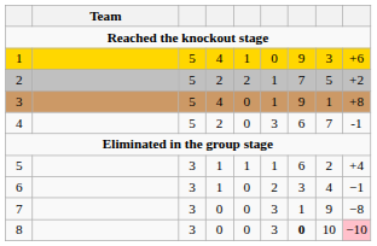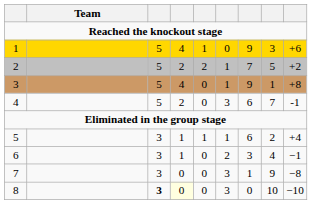 <table class="wikitable" style="text-align:center">
 <tr>
 <th width="25"></th>
 <th width="165">Team</th>
 <th width="25"></th>
 <th width="25"></th>
 <th width="25"></th>
 <th width="25"></th>
 <th width="25"></th>
 <th width="25"></th>
 <th width="25"></th>
 </tr>
 <tr>
 <td colspan=10><strong>Reached the knockout stage</strong></td>
 </tr>
 <tr bgcolor="gold">
 <td>1</td>
 <td align=left></td>
 <td>5</td>
 <td>4</td>
 <td>1</td>
 <td>0</td>
 <td>9</td>
 <td>3</td>
 <td>+6</td>
 </tr>
 <tr bgcolor="silver">
 <td>2</td>
 <td align=left></td>
 <td>5</td>
 <td>2</td>
 <td>2</td>
 <td>1</td>
 <td>7</td>
 <td>5</td>
 <td>+2</td>
 </tr>
 <tr bgcolor="#cc9966">
 <td>3</td>
 <td align=left></td>
 <td>5</td>
 <td>4</td>
 <td>0</td>
 <td>1</td>
 <td>9</td>
 <td>1</td>
 <td>+8</td>
 </tr>
 <tr>
 <td>4</td>
 <td align=left></td>
 <td>5</td>
 <td>2</td>
 <td>0</td>
 <td>3</td>
 <td>6</td>
 <td>7</td>
 <td>-1</td>
 </tr>
 <tr>
 <td colspan=10><strong>Eliminated in the group stage</strong></td>
 </tr>
 <tr>
 <td>5</td>
 <td align=left></td>
 <td>3</td>
 <td>1</td>
 <td>1</td>
 <td>1</td>
 <td>6</td>
 <td>2</td>
 <td>+4</td>
 </tr>
 <tr>
 <td>6</td>
 <td align=left></td>
 <td>3</td>
 <td>1</td>
 <td>0</td>
 <td>2</td>
 <td>3</td>
 <td>4</td>
 <td>−1</td>
 </tr>
 <tr>
 <td>7</td>
 <td align=left></td>
 <td>3</td>
 <td>0</td>
 <td>0</td>
 <td>3</td>
 <td>1</td>
 <td>9</td>
 <td>−8</td>
 </tr>
 <tr>
 <td>8</td>
 <td align=left></td>
+<td><strong>3</strong></td>
+<td style="background: lightyellow;">0</td>
+<td>0</td>
 <td>3</td>
 <td>0</td>
-<td>0</td>
-<td>3</td>
-<td><strong>0</strong></td>
 <td>10</td>
-<td style="background: pink;">−10</td>
+<td>−10</td>
 </tr>
 </table>
